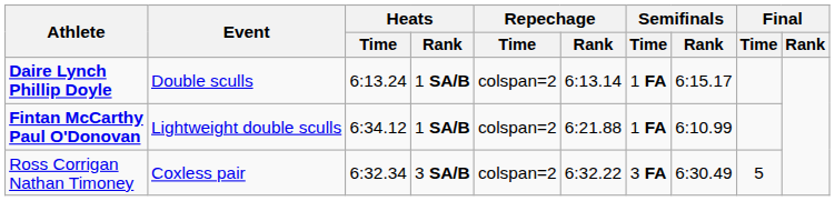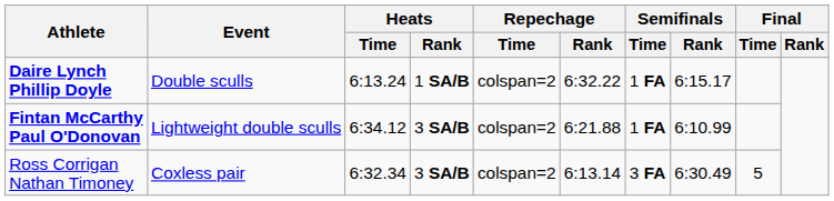 <table class=wikitable style=font-size:90%;text-align:center>
 <tr>
 <th rowspan=2>Athlete</th>
 <th rowspan=2>Event</th>
 <th colspan=2>Heats</th>
 <th colspan=2>Repechage</th>
 <th colspan=2>Semifinals</th>
 <th colspan=2>Final</th>
 </tr>
 <tr style=font-size:95%>
 <th>Time</th>
 <th>Rank</th>
 <th>Time</th>
 <th>Rank</th>
 <th>Time</th>
 <th>Rank</th>
 <th>Time</th>
 <th>Rank</th>
 </tr>
 <tr>
 <td align=left><strong><a href='#'>Daire Lynch</a><br><a href='#'>Phillip Doyle</a></strong></td>
 <td align=left><a href='#'>Double sculls</a></td>
 <td>6:13.24</td>
 <td>1 <strong>SA/B</strong></td>
 <td>colspan=2 </td>
-<td>6:13.14</td>
+<td>6:32.22</td>
 <td>1 <strong>FA</strong></td>
 <td>6:15.17</td>
 <td></td>
 </tr>
 <tr>
 <td align=left><strong><a href='#'>Fintan McCarthy</a><br><a href='#'>Paul O'Donovan</a></strong></td>
 <td align=left><a href='#'>Lightweight double sculls</a></td>
 <td>6:34.12</td>
-<td>1 <strong>SA/B</strong></td>
+<td>3 <strong>SA/B</strong></td>
 <td>colspan=2 </td>
 <td>6:21.88</td>
 <td>1 <strong>FA</strong></td>
 <td>6:10.99</td>
 <td></td>
 </tr>
 <tr>
 <td align=left><a href='#'>Ross Corrigan</a><br><a href='#'>Nathan Timoney</a></td>
 <td align=left><a href='#'>Coxless pair</a></td>
 <td>6:32.34</td>
 <td>3 <strong>SA/B</strong></td>
 <td>colspan=2 </td>
-<td>6:32.22</td>
+<td>6:13.14</td>
 <td>3 <strong>FA</strong></td>
 <td>6:30.49</td>
 <td>5</td>
 </tr>
 </table>
